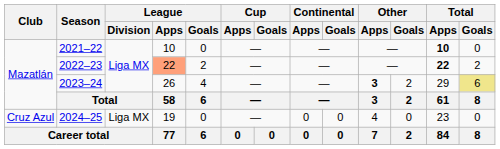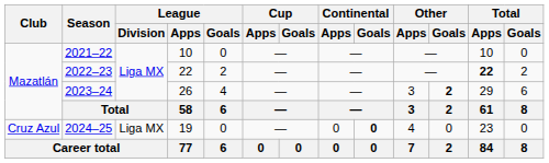 <table class="wikitable" style="text-align: center">
 <tr>
 <th rowspan="2">Club</th>
 <th rowspan="2">Season</th>
 <th colspan="3">League</th>
 <th colspan="2">Cup</th>
 <th colspan="2">Continental</th>
 <th colspan="2">Other</th>
 <th colspan="2">Total</th>
 </tr>
 <tr>
 <th>Division</th>
 <th>Apps</th>
 <th>Goals</th>
 <th>Apps</th>
 <th>Goals</th>
 <th>Apps</th>
 <th>Goals</th>
 <th>Apps</th>
 <th>Goals</th>
 <th>Apps</th>
 <th>Goals</th>
 </tr>
 <tr>
 <td rowspan="4"><a href='#'>Mazatlán</a></td>
 <td><a href='#'>2021–22</a></td>
 <td rowspan="3"><a href='#'>Liga MX</a></td>
 <td>10</td>
 <td>0</td>
 <td colspan="2">—</td>
 <td colspan="2">—</td>
 <td colspan="2">—</td>
-<td><strong>10</strong></td>
+<td>10</td>
 <td>0</td>
 </tr>
 <tr>
 <td><a href='#'>2022–23</a></td>
-<td style="background: lightsalmon;">22</td>
+<td>22</td>
 <td>2</td>
 <td colspan="2">—</td>
 <td colspan="2">—</td>
 <td colspan="2">—</td>
 <td><strong>22</strong></td>
 <td>2</td>
 </tr>
 <tr>
 <td><a href='#'>2023–24</a></td>
 <td>26</td>
 <td>4</td>
 <td colspan="2">—</td>
 <td colspan="2">—</td>
-<td><strong>3</strong></td>
-<td>2</td>
+<td>3</td>
+<td><strong>2</strong></td>
 <td>29</td>
-<td style="background: khaki;">6</td>
+<td>6</td>
 </tr>
 <tr>
 <th colspan="2"><strong>Total</strong></th>
 <th>58</th>
 <th>6</th>
 <th colspan="2">—</th>
 <th colspan="2">—</th>
 <th>3</th>
 <th>2</th>
 <th>61</th>
 <th>8</th>
 </tr>
 <tr>
 <td rowspan="1"><a href='#'>Cruz Azul</a></td>
 <td><a href='#'>2024–25</a></td>
 <td>Liga MX</td>
 <td>19</td>
 <td>0</td>
 <td colspan="2">—</td>
 <td>0</td>
-<td>0</td>
+<td><strong>0</strong></td>
 <td>4</td>
 <td>0</td>
 <td>23</td>
 <td>0</td>
 </tr>
 <tr>
 <th colspan="3"><strong>Career total</strong></th>
 <th>77</th>
 <th>6</th>
 <th>0</th>
 <th>0</th>
 <th>0</th>
 <th>0</th>
 <th>7</th>
 <th>2</th>
 <th>84</th>
 <th>8</th>
 </tr>
 </table>
